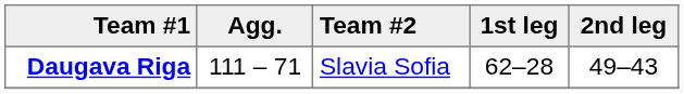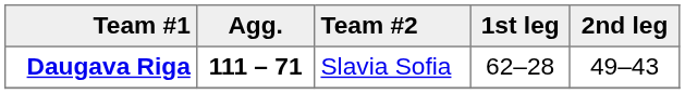 <table border=1 cellspacing=0 cellpadding=4 style="border-collapse: collapse;" width=70%>
 <tr bgcolor="efefef">
 <th align=right>Team #1</th>
 <th>Agg.</th>
 <th align=left>Team #2</th>
 <th>1st leg</th>
 <th>2nd leg</th>
 </tr>
 <tr>
 <td align=right><strong><a href='#'>Daugava Riga</a></strong> </td>
-<td align=center>111 – 71</td>
+<td align=center><strong>111 – 71</strong></td>
 <td> <a href='#'>Slavia Sofia</a></td>
 <td align=center>62–28</td>
 <td align=center>49–43</td>
 </tr>
 <tr>
 </tr>
 </table>
